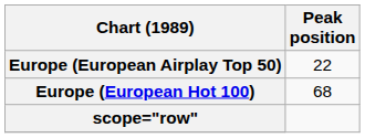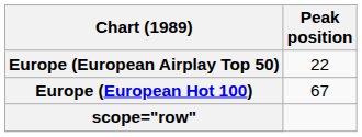 <table class="wikitable sortable plainrowheaders">
 <tr>
 <th>Chart (1989)</th>
 <th>Peak<br>position</th>
 </tr>
 <tr>
 <th scope="row">Europe (European Airplay Top 50)</th>
 <td align="center">22</td>
 </tr>
 <tr>
 <th scope="row">Europe (<a href='#'>European Hot 100</a>)</th>
-<td align="center">68</td>
+<td align="center">67</td>
 </tr>
 <tr>
 <th>scope="row"</th>
 </tr>
 <tr>
 </tr>
 </table>
